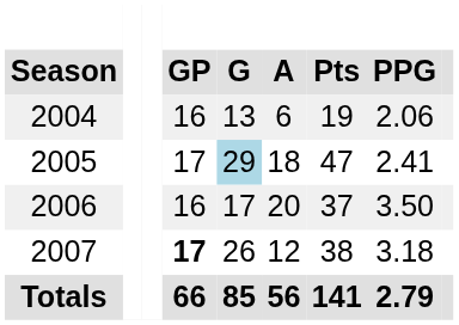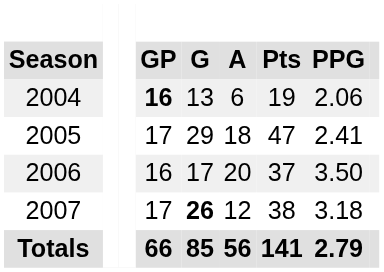 <table BORDER="0" CELLPADDING="3" CELLSPACING="0">
 <tr ALIGN="center" bgcolor="#e0e0e0">
 <th colspan="1" bgcolor="#ffffff"> </th>
 <th rowspan="99" bgcolor="#ffffff"> </th>
 <th rowspan="99" bgcolor="#ffffff"> </th>
 </tr>
 <tr ALIGN="center" bgcolor="#e0e0e0">
 <th>Season</th>
 <th>GP</th>
 <th>G</th>
 <th>A</th>
 <th>Pts</th>
 <th>PPG</th>
 <th></th>
 </tr>
 <tr ALIGN="center" bgcolor="#f0f0f0">
 <td>2004</td>
-<td>16</td>
+<td><strong>16</strong></td>
 <td>13</td>
 <td>6</td>
 <td>19</td>
 <td>2.06</td>
 <td></td>
 </tr>
 <tr ALIGN="center">
 <td>2005</td>
 <td>17</td>
-<td style="background: lightblue;">29</td>
+<td>29</td>
 <td>18</td>
 <td>47</td>
 <td>2.41</td>
 <td></td>
 </tr>
 <tr ALIGN="center" bgcolor="#f0f0f0">
 <td>2006</td>
 <td>16</td>
 <td>17</td>
 <td>20</td>
 <td>37</td>
 <td>3.50</td>
 <td></td>
 </tr>
 <tr ALIGN="center">
 <td>2007</td>
-<td><strong>17</strong></td>
-<td>26</td>
+<td>17</td>
+<td><strong>26</strong></td>
 <td>12</td>
 <td>38</td>
 <td>3.18</td>
 <td></td>
 </tr>
 <tr ALIGN="center" bgcolor="#e0e0e0">
 <th colspan="1.5">Totals</th>
 <th>66</th>
 <th>85</th>
 <th>56</th>
 <th>141</th>
 <th>2.79</th>
 <th></th>
 </tr>
 </table>
